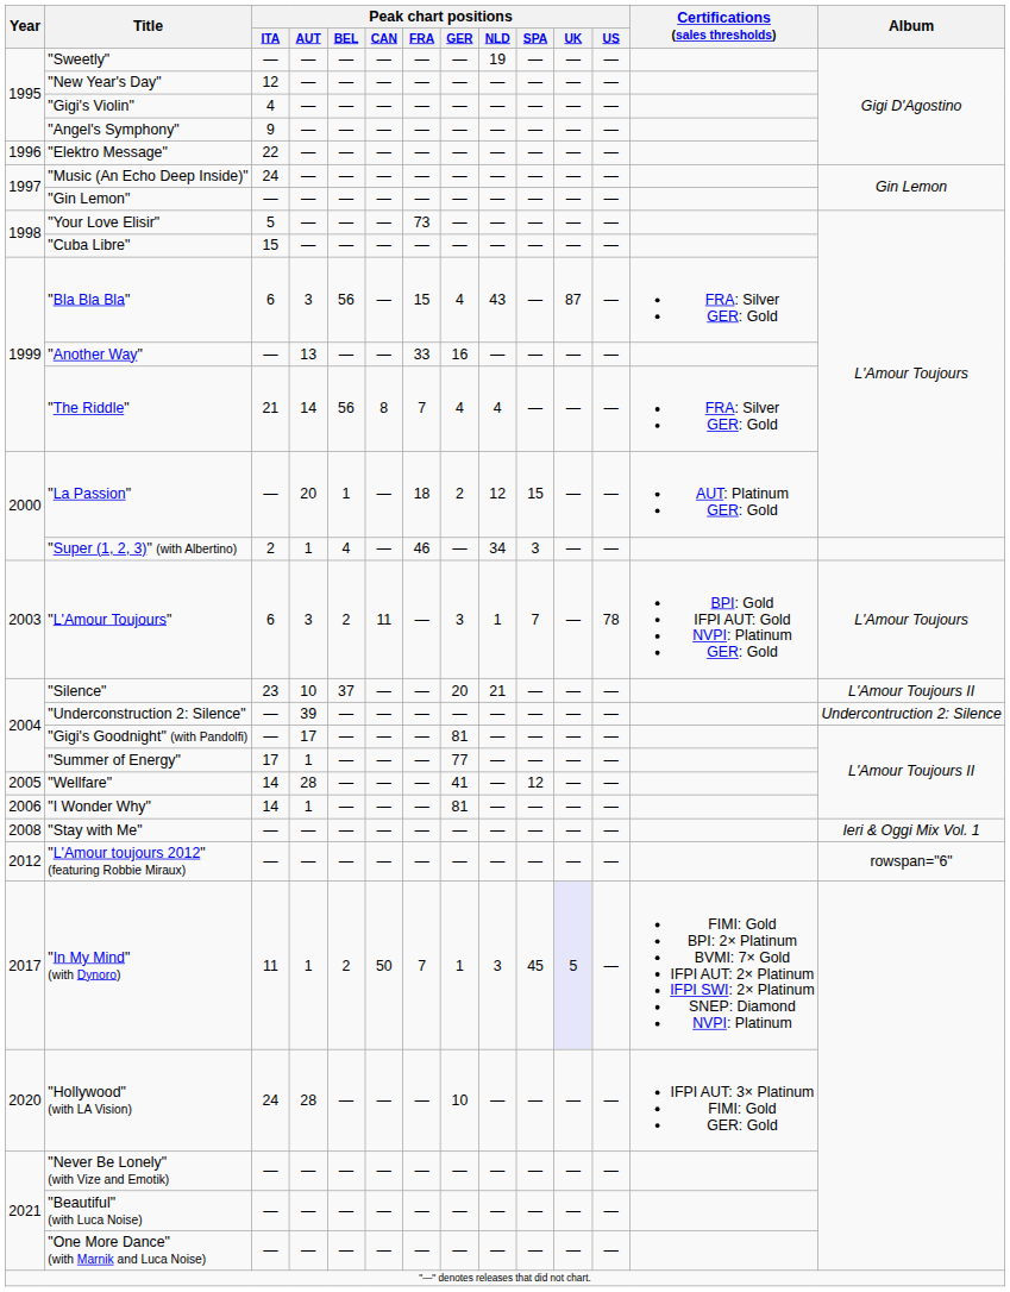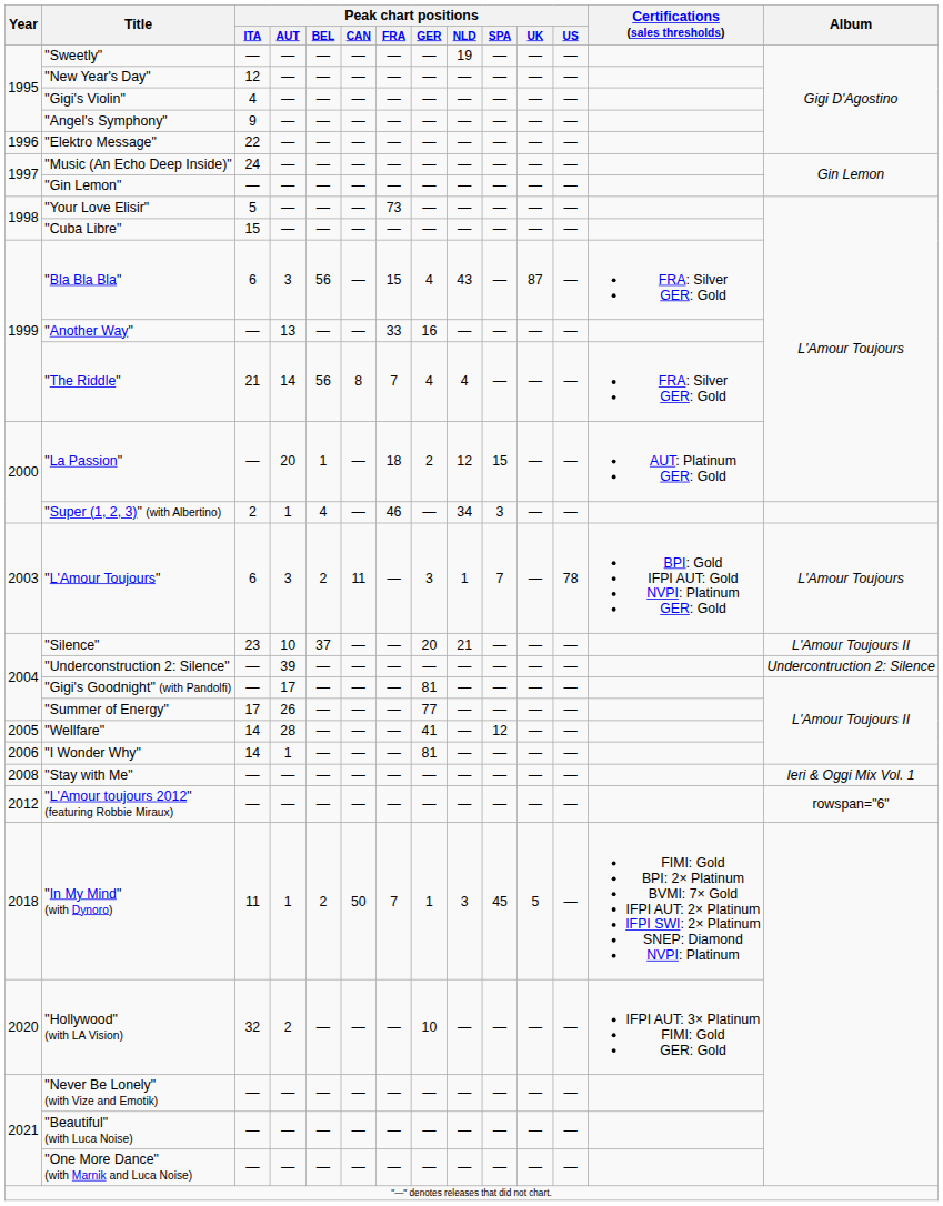 <table class="wikitable" style="text-align:center;">
 <tr>
 <th rowspan="2">Year</th>
 <th rowspan="2">Title</th>
 <th colspan="10">Peak chart positions</th>
 <th rowspan="2"><a href='#'>Certifications</a><br><small>(<a href='#'>sales thresholds</a>)</small></th>
 <th rowspan="2">Album</th>
 </tr>
 <tr style="font-size:smaller;">
 <th style="width:35px;"><a href='#'>ITA</a><br></th>
 <th style="width:35px;"><a href='#'>AUT</a><br></th>
 <th style="width:35px;"><a href='#'>BEL</a><br></th>
 <th style="width:35px;"><a href='#'>CAN</a><br></th>
 <th style="width:35px;"><a href='#'>FRA</a><br></th>
 <th style="width:35px;"><a href='#'>GER</a><br></th>
 <th style="width:35px;"><a href='#'>NLD</a><br></th>
 <th style="width:35px;"><a href='#'>SPA</a><br></th>
 <th style="width:35px;"><a href='#'>UK</a><br></th>
 <th style="width:35px;"><a href='#'>US</a></th>
 </tr>
 <tr>
 <td rowspan="4">1995</td>
 <td style="text-align:left;">"Sweetly"</td>
 <td>—</td>
 <td>—</td>
 <td>—</td>
 <td>—</td>
 <td>—</td>
 <td>—</td>
 <td>19</td>
 <td>—</td>
 <td>—</td>
 <td>—</td>
 <td></td>
 <td style="text-align: center;" rowspan="5"><em>Gigi D'Agostino</em></td>
 </tr>
 <tr>
 <td style="text-align:left;">"New Year's Day"</td>
 <td>12</td>
 <td>—</td>
 <td>—</td>
 <td>—</td>
 <td>—</td>
 <td>—</td>
 <td>—</td>
 <td>—</td>
 <td>—</td>
 <td>—</td>
 <td></td>
 </tr>
 <tr>
 <td style="text-align:left;">"Gigi's Violin"</td>
 <td>4</td>
 <td>—</td>
 <td>—</td>
 <td>—</td>
 <td>—</td>
 <td>—</td>
 <td>—</td>
 <td>—</td>
 <td>—</td>
 <td>—</td>
 <td></td>
 </tr>
 <tr>
 <td style="text-align:left;">"Angel's Symphony"</td>
 <td>9</td>
 <td>—</td>
 <td>—</td>
 <td>—</td>
 <td>—</td>
 <td>—</td>
 <td>—</td>
 <td>—</td>
 <td>—</td>
 <td>—</td>
 <td></td>
 </tr>
 <tr>
 <td>1996</td>
 <td style="text-align:left;">"Elektro Message"</td>
 <td>22</td>
 <td>—</td>
 <td>—</td>
 <td>—</td>
 <td>—</td>
 <td>—</td>
 <td>—</td>
 <td>—</td>
 <td>—</td>
 <td>—</td>
 <td></td>
 </tr>
 <tr>
 <td rowspan="2">1997</td>
 <td style="text-align:left;">"Music (An Echo Deep Inside)"</td>
 <td>24</td>
 <td>—</td>
 <td>—</td>
 <td>—</td>
 <td>—</td>
 <td>—</td>
 <td>—</td>
 <td>—</td>
 <td>—</td>
 <td>—</td>
 <td></td>
 <td style="text-align: center;" rowspan="2"><em>Gin Lemon</em></td>
 </tr>
 <tr>
 <td style="text-align:left;">"Gin Lemon"</td>
 <td>—</td>
 <td>—</td>
 <td>—</td>
 <td>—</td>
 <td>—</td>
 <td>—</td>
 <td>—</td>
 <td>—</td>
 <td>—</td>
 <td>—</td>
 <td></td>
 </tr>
 <tr>
 <td rowspan="2">1998</td>
 <td style="text-align:left;">"Your Love Elisir"</td>
 <td>5</td>
 <td>—</td>
 <td>—</td>
 <td>—</td>
 <td>73</td>
 <td>—</td>
 <td>—</td>
 <td>—</td>
 <td>—</td>
 <td>—</td>
 <td></td>
 <td style="text-align:center;" rowspan="6"><em>L'Amour Toujours</em></td>
 </tr>
 <tr>
 <td style="text-align:left;">"Cuba Libre"</td>
 <td>15</td>
 <td>—</td>
 <td>—</td>
 <td>—</td>
 <td>—</td>
 <td>—</td>
 <td>—</td>
 <td>—</td>
 <td>—</td>
 <td>—</td>
 <td></td>
 </tr>
 <tr>
 <td rowspan="3">1999</td>
 <td style="text-align:left;">"<a href='#'>Bla Bla Bla</a>"</td>
 <td>6</td>
 <td>3</td>
 <td>56</td>
 <td>—</td>
 <td>15</td>
 <td>4</td>
 <td>43</td>
 <td>—</td>
 <td>87</td>
 <td>—</td>
 <td><br><ul><li><a href='#'>FRA</a>: Silver</li><li><a href='#'>GER</a>: Gold</li></ul></td>
 </tr>
 <tr>
 <td style="text-align:left;">"<a href='#'>Another Way</a>"</td>
 <td>—</td>
 <td>13</td>
 <td>—</td>
 <td>—</td>
 <td>33</td>
 <td>16</td>
 <td>—</td>
 <td>—</td>
 <td>—</td>
 <td>—</td>
 <td></td>
 </tr>
 <tr>
 <td style="text-align:left;">"<a href='#'>The Riddle</a>"</td>
 <td>21</td>
 <td>14</td>
 <td>56</td>
 <td>8</td>
 <td>7</td>
 <td>4</td>
 <td>4</td>
 <td>—</td>
 <td>—</td>
 <td>—</td>
 <td><br><ul><li><a href='#'>FRA</a>: Silver</li><li><a href='#'>GER</a>: Gold</li></ul></td>
 </tr>
 <tr>
 <td rowspan="2">2000</td>
 <td style="text-align:left;">"<a href='#'>La Passion</a>"</td>
 <td>—</td>
 <td>20</td>
 <td>1</td>
 <td>—</td>
 <td>18</td>
 <td>2</td>
 <td>12</td>
 <td>15</td>
 <td>—</td>
 <td>—</td>
 <td><br><ul><li><a href='#'>AUT</a>: Platinum</li><li><a href='#'>GER</a>: Gold</li></ul></td>
 </tr>
 <tr>
 <td style="text-align:left;">"<a href='#'>Super (1, 2, 3)</a>" <small>(with Albertino) </small></td>
 <td>2</td>
 <td>1</td>
 <td>4</td>
 <td>—</td>
 <td>46</td>
 <td>—</td>
 <td>34</td>
 <td>3</td>
 <td>—</td>
 <td>—</td>
 <td></td>
 <td></td>
 </tr>
 <tr>
 <td>2003</td>
 <td style="text-align:left;">"<a href='#'>L'Amour Toujours</a>"</td>
 <td>6</td>
 <td>3</td>
 <td>2</td>
 <td>11</td>
 <td>—</td>
 <td>3</td>
 <td>1</td>
 <td>7</td>
 <td>—</td>
 <td>78</td>
 <td><br><ul><li><a href='#'>BPI</a>: Gold</li><li>IFPI AUT: Gold</li><li><a href='#'>NVPI</a>: Platinum</li><li><a href='#'>GER</a>: Gold</li></ul></td>
 <td style="text-align: center;"><em>L'Amour Toujours</em></td>
 </tr>
 <tr>
 <td rowspan="4">2004</td>
 <td style="text-align:left;">"Silence"</td>
 <td>23</td>
 <td>10</td>
 <td>37</td>
 <td>—</td>
 <td>—</td>
 <td>20</td>
 <td>21</td>
 <td>—</td>
 <td>—</td>
 <td>—</td>
 <td></td>
 <td style="text-align:center;"><em>L'Amour Toujours II</em></td>
 </tr>
 <tr>
 <td style="text-align:left;">"Underconstruction 2: Silence"</td>
 <td>—</td>
 <td>39</td>
 <td>—</td>
 <td>—</td>
 <td>—</td>
 <td>—</td>
 <td>—</td>
 <td>—</td>
 <td>—</td>
 <td>—</td>
 <td></td>
 <td style="text-align:center;"><em>Undercontruction 2: Silence</em></td>
 </tr>
 <tr>
 <td style="text-align:left;">"Gigi's Goodnight" <small>(with Pandolfi)</small></td>
 <td>—</td>
 <td>17</td>
 <td>—</td>
 <td>—</td>
 <td>—</td>
 <td>81</td>
 <td>—</td>
 <td>—</td>
 <td>—</td>
 <td>—</td>
 <td></td>
 <td style="text-align:center;" rowspan="4"><em>L'Amour Toujours II</em></td>
 </tr>
 <tr>
 <td style="text-align:left;">"Summer of Energy"</td>
 <td>17</td>
-<td>1</td>
+<td>26</td>
 <td>—</td>
 <td>—</td>
 <td>—</td>
 <td>77</td>
 <td>—</td>
 <td>—</td>
 <td>—</td>
 <td>—</td>
 <td></td>
 </tr>
 <tr>
 <td>2005</td>
 <td style="text-align:left;">"Wellfare"</td>
 <td>14</td>
 <td>28</td>
 <td>—</td>
 <td>—</td>
 <td>—</td>
 <td>41</td>
 <td>—</td>
 <td>12</td>
 <td>—</td>
 <td>—</td>
 <td></td>
 </tr>
 <tr>
 <td>2006</td>
 <td style="text-align:left;">"I Wonder Why"</td>
 <td>14</td>
 <td>1</td>
 <td>—</td>
 <td>—</td>
 <td>—</td>
 <td>81</td>
 <td>—</td>
 <td>—</td>
 <td>—</td>
 <td>—</td>
 <td></td>
 </tr>
 <tr>
 <td>2008</td>
 <td style="text-align:left;">"Stay with Me"</td>
 <td>—</td>
 <td>—</td>
 <td>—</td>
 <td>—</td>
 <td>—</td>
 <td>—</td>
 <td>—</td>
 <td>—</td>
 <td>—</td>
 <td>—</td>
 <td></td>
 <td style="text-align:center;"><em>Ieri & Oggi Mix Vol. 1</em></td>
 </tr>
 <tr>
 <td>2012</td>
 <td style="text-align:left;">"<a href='#'>L'Amour toujours 2012</a>"<br><small>(featuring Robbie Miraux)</small></td>
 <td>—</td>
 <td>—</td>
 <td>—</td>
 <td>—</td>
 <td>—</td>
 <td>—</td>
 <td>—</td>
 <td>—</td>
 <td>—</td>
 <td>—</td>
 <td></td>
 <td>rowspan="6" </td>
 </tr>
 <tr>
-<td>2017</td>
+<td>2018</td>
 <td style="text-align:left;">"<a href='#'>In My Mind</a>" <br><small>(with <a href='#'>Dynoro</a>)</small></td>
 <td>11<br></td>
 <td>1</td>
 <td>2</td>
 <td>50</td>
 <td>7</td>
 <td>1</td>
 <td>3</td>
 <td>45</td>
-<td style="background: lavender;">5</td>
+<td>5</td>
 <td>—</td>
 <td><br><ul><li>FIMI: Gold</li><li>BPI: 2× Platinum</li><li>BVMI: 7× Gold</li><li>IFPI AUT: 2× Platinum</li><li><a href='#'>IFPI SWI</a>: 2× Platinum</li><li>SNEP: Diamond</li><li><a href='#'>NVPI</a>: Platinum</li></ul></td>
 </tr>
 <tr>
 <td>2020</td>
 <td style="text-align:left;">"Hollywood"<br><small>(with LA Vision)</small></td>
-<td>24</td>
-<td>28</td>
+<td>32<br></td>
+<td>2</td>
 <td>—</td>
 <td>—</td>
 <td>—</td>
 <td>10</td>
 <td>—</td>
 <td>—</td>
 <td>—</td>
 <td>—</td>
 <td><br><ul><li>IFPI AUT: 3× Platinum</li><li>FIMI: Gold</li><li>GER: Gold</li></ul></td>
 </tr>
 <tr>
 <td rowspan="3">2021</td>
 <td style="text-align:left;">"Never Be Lonely" <br><small>(with Vize and Emotik)</small></td>
 <td>—</td>
 <td>—</td>
 <td>—</td>
 <td>—</td>
 <td>—</td>
 <td>—</td>
 <td>—</td>
 <td>—</td>
 <td>—</td>
 <td>—</td>
 <td></td>
 </tr>
 <tr>
 <td style="text-align:left;">"Beautiful" <br><small>(with Luca Noise)</small></td>
 <td>—</td>
 <td>—</td>
 <td>—</td>
 <td>—</td>
 <td>—</td>
 <td>—</td>
 <td>—</td>
 <td>—</td>
 <td>—</td>
 <td>—</td>
 <td></td>
 </tr>
 <tr>
 <td style="text-align:left;">"One More Dance" <br><small>(with <a href='#'>Marnik</a> and Luca Noise)</small></td>
 <td>—</td>
 <td>—</td>
 <td>—</td>
 <td>—</td>
 <td>—</td>
 <td>—</td>
 <td>—</td>
 <td>—</td>
 <td>—</td>
 <td>—</td>
 <td></td>
 </tr>
 <tr>
 <td colspan="16" style="font-size:8pt">"—" denotes releases that did not chart.</td>
 </tr>
 </table>
